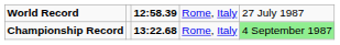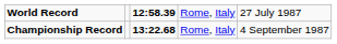 <table class="wikitable">
 <tr>
 <td><strong>World Record</strong></td>
 <td></td>
 <td><strong>12:58.39</strong></td>
 <td><a href='#'>Rome</a>, <a href='#'>Italy</a></td>
 <td>27 July 1987</td>
 </tr>
 <tr>
 <td><strong>Championship Record</strong></td>
 <td></td>
 <td><strong>13:22.68</strong></td>
 <td><a href='#'>Rome</a>, <a href='#'>Italy</a></td>
-<td style="background: lightgreen;">4 September 1987</td>
+<td>4 September 1987</td>
 </tr>
 </table>
